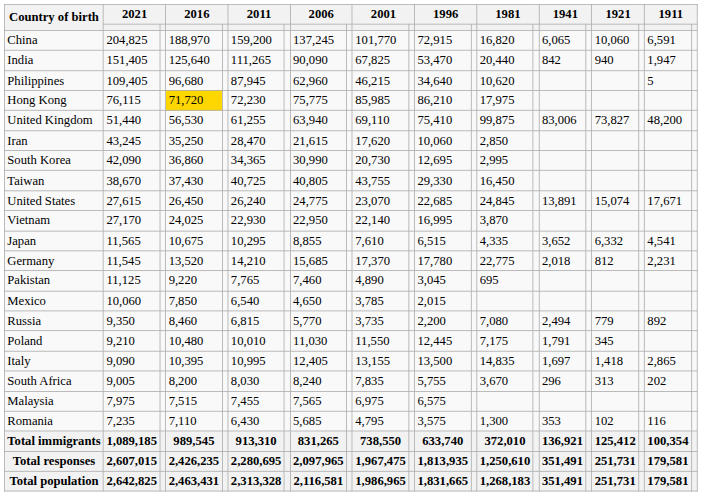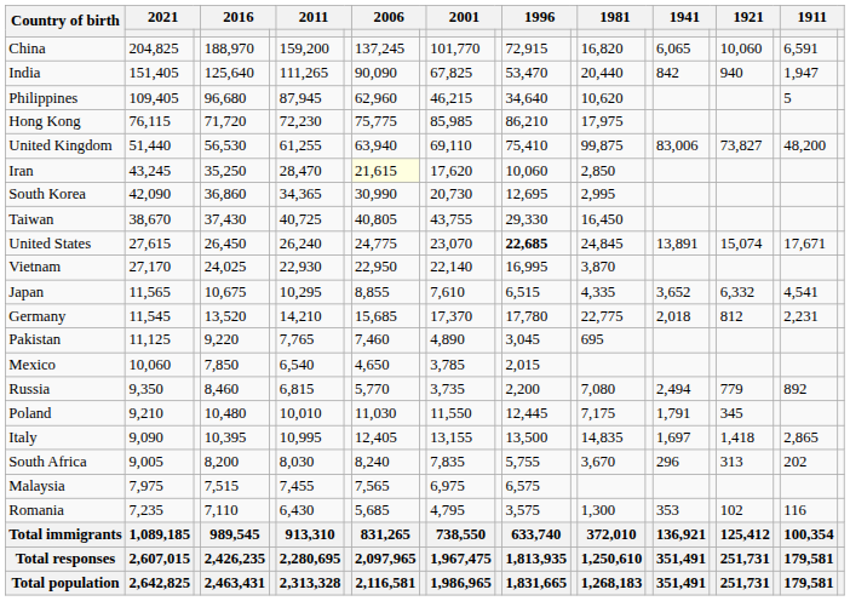 <table class="wikitable sortable">
 <tr>
 <th rowspan="2">Country of birth</th>
 <th colspan="2">2021</th>
 <th colspan="2">2016</th>
 <th colspan="2">2011</th>
 <th colspan="2">2006</th>
 <th colspan="2">2001</th>
 <th colspan="2">1996</th>
 <th colspan="2">1981</th>
 <th colspan="2">1941</th>
 <th colspan="2">1921</th>
 <th colspan="2">1911</th>
 </tr>
 <tr>
 <th><a href='#'></a></th>
 <th></th>
 <th></th>
 <th></th>
 <th></th>
 <th></th>
 <th></th>
 <th></th>
 <th></th>
 <th></th>
 <th></th>
 <th></th>
 <th></th>
 <th></th>
 <th></th>
 <th></th>
 <th></th>
 <th></th>
 <th></th>
 <th></th>
 </tr>
 <tr>
 <td>China</td>
 <td>204,825</td>
 <td></td>
 <td>188,970</td>
 <td></td>
 <td>159,200</td>
 <td></td>
 <td>137,245</td>
 <td></td>
 <td>101,770</td>
 <td></td>
 <td>72,915</td>
 <td></td>
 <td>16,820</td>
 <td></td>
 <td>6,065</td>
 <td></td>
 <td>10,060</td>
 <td></td>
 <td>6,591</td>
 <td></td>
 </tr>
 <tr>
 <td>India</td>
 <td>151,405</td>
 <td></td>
 <td>125,640</td>
 <td></td>
 <td>111,265</td>
 <td></td>
 <td>90,090</td>
 <td></td>
 <td>67,825</td>
 <td></td>
 <td>53,470</td>
 <td></td>
 <td>20,440</td>
 <td></td>
 <td>842</td>
 <td></td>
 <td>940</td>
 <td></td>
 <td>1,947</td>
 <td></td>
 </tr>
 <tr>
 <td>Philippines</td>
 <td>109,405</td>
 <td></td>
 <td>96,680</td>
 <td></td>
 <td>87,945</td>
 <td></td>
 <td>62,960</td>
 <td></td>
 <td>46,215</td>
 <td></td>
 <td>34,640</td>
 <td></td>
 <td>10,620</td>
 <td></td>
 <td></td>
 <td></td>
 <td></td>
 <td></td>
 <td>5</td>
 <td></td>
 </tr>
 <tr>
 <td>Hong Kong</td>
 <td>76,115</td>
 <td></td>
-<td style="background: gold;">71,720</td>
+<td>71,720</td>
 <td></td>
 <td>72,230</td>
 <td></td>
 <td>75,775</td>
 <td></td>
 <td>85,985</td>
 <td></td>
 <td>86,210</td>
 <td></td>
 <td>17,975</td>
 <td></td>
 <td></td>
 <td></td>
 <td></td>
 <td></td>
 <td></td>
 <td></td>
 </tr>
 <tr>
 <td>United Kingdom</td>
 <td>51,440</td>
 <td></td>
 <td>56,530</td>
 <td></td>
 <td>61,255</td>
 <td></td>
 <td>63,940</td>
 <td></td>
 <td>69,110</td>
 <td></td>
 <td>75,410</td>
 <td></td>
 <td>99,875</td>
 <td></td>
 <td>83,006</td>
 <td></td>
 <td>73,827</td>
 <td></td>
 <td>48,200</td>
 <td></td>
 </tr>
 <tr>
 <td>Iran</td>
 <td>43,245</td>
 <td></td>
 <td>35,250</td>
 <td></td>
 <td>28,470</td>
 <td></td>
-<td>21,615</td>
+<td style="background: lightyellow;">21,615</td>
 <td></td>
 <td>17,620</td>
 <td></td>
 <td>10,060</td>
 <td></td>
 <td>2,850</td>
 <td></td>
 <td></td>
 <td></td>
 <td></td>
 <td></td>
 <td></td>
 <td></td>
 </tr>
 <tr>
 <td>South Korea</td>
 <td>42,090</td>
 <td></td>
 <td>36,860</td>
 <td></td>
 <td>34,365</td>
 <td></td>
 <td>30,990</td>
 <td></td>
 <td>20,730</td>
 <td></td>
 <td>12,695</td>
 <td></td>
 <td>2,995</td>
 <td></td>
 <td></td>
 <td></td>
 <td></td>
 <td></td>
 <td></td>
 <td></td>
 </tr>
 <tr>
 <td>Taiwan</td>
 <td>38,670</td>
 <td></td>
 <td>37,430</td>
 <td></td>
 <td>40,725</td>
 <td></td>
 <td>40,805</td>
 <td></td>
 <td>43,755</td>
 <td></td>
 <td>29,330</td>
 <td></td>
 <td>16,450</td>
 <td></td>
 <td></td>
 <td></td>
 <td></td>
 <td></td>
 <td></td>
 <td></td>
 </tr>
 <tr>
 <td>United States</td>
 <td>27,615</td>
 <td></td>
 <td>26,450</td>
 <td></td>
 <td>26,240</td>
 <td></td>
 <td>24,775</td>
 <td></td>
 <td>23,070</td>
 <td></td>
-<td>22,685</td>
+<td><strong>22,685</strong></td>
 <td></td>
 <td>24,845</td>
 <td></td>
 <td>13,891</td>
 <td></td>
 <td>15,074</td>
 <td></td>
 <td>17,671</td>
 <td></td>
 </tr>
 <tr>
 <td>Vietnam</td>
 <td>27,170</td>
 <td></td>
 <td>24,025</td>
 <td></td>
 <td>22,930</td>
 <td></td>
 <td>22,950</td>
 <td></td>
 <td>22,140</td>
 <td></td>
 <td>16,995</td>
 <td></td>
 <td>3,870</td>
 <td></td>
 <td></td>
 <td></td>
 <td></td>
 <td></td>
 <td></td>
 <td></td>
 </tr>
 <tr>
 <td>Japan</td>
 <td>11,565</td>
 <td></td>
 <td>10,675</td>
 <td></td>
 <td>10,295</td>
 <td></td>
 <td>8,855</td>
 <td></td>
 <td>7,610</td>
 <td></td>
 <td>6,515</td>
 <td></td>
 <td>4,335</td>
 <td></td>
 <td>3,652</td>
 <td></td>
 <td>6,332</td>
 <td></td>
 <td>4,541</td>
 <td></td>
 </tr>
 <tr>
 <td>Germany</td>
 <td>11,545</td>
 <td></td>
 <td>13,520</td>
 <td></td>
 <td>14,210</td>
 <td></td>
 <td>15,685</td>
 <td></td>
 <td>17,370</td>
 <td></td>
 <td>17,780</td>
 <td></td>
 <td>22,775</td>
 <td></td>
 <td>2,018</td>
 <td></td>
 <td>812</td>
 <td></td>
 <td>2,231</td>
 <td></td>
 </tr>
 <tr>
 <td>Pakistan</td>
 <td>11,125</td>
 <td></td>
 <td>9,220</td>
 <td></td>
 <td>7,765</td>
 <td></td>
 <td>7,460</td>
 <td></td>
 <td>4,890</td>
 <td></td>
 <td>3,045</td>
 <td></td>
 <td>695</td>
 <td></td>
 <td></td>
 <td></td>
 <td></td>
 <td></td>
 <td></td>
 <td></td>
 </tr>
 <tr>
 <td>Mexico</td>
 <td>10,060</td>
 <td></td>
 <td>7,850</td>
 <td></td>
 <td>6,540</td>
 <td></td>
 <td>4,650</td>
 <td></td>
 <td>3,785</td>
 <td></td>
 <td>2,015</td>
 <td></td>
 <td></td>
 <td></td>
 <td></td>
 <td></td>
 <td></td>
 <td></td>
 <td></td>
 <td></td>
 </tr>
 <tr>
 <td>Russia</td>
 <td>9,350</td>
 <td></td>
 <td>8,460</td>
 <td></td>
 <td>6,815</td>
 <td></td>
 <td>5,770</td>
 <td></td>
 <td>3,735</td>
 <td></td>
 <td>2,200</td>
 <td></td>
 <td>7,080</td>
 <td></td>
 <td>2,494</td>
 <td></td>
 <td>779</td>
 <td></td>
 <td>892</td>
 <td></td>
 </tr>
 <tr>
 <td>Poland</td>
 <td>9,210</td>
 <td></td>
 <td>10,480</td>
 <td></td>
 <td>10,010</td>
 <td></td>
 <td>11,030</td>
 <td></td>
 <td>11,550</td>
 <td></td>
 <td>12,445</td>
 <td></td>
 <td>7,175</td>
 <td></td>
 <td>1,791</td>
 <td></td>
 <td>345</td>
 <td></td>
 <td></td>
 <td></td>
 </tr>
 <tr>
 <td>Italy</td>
 <td>9,090</td>
 <td></td>
 <td>10,395</td>
 <td></td>
 <td>10,995</td>
 <td></td>
 <td>12,405</td>
 <td></td>
 <td>13,155</td>
 <td></td>
 <td>13,500</td>
 <td></td>
 <td>14,835</td>
 <td></td>
 <td>1,697</td>
 <td></td>
 <td>1,418</td>
 <td></td>
 <td>2,865</td>
 <td></td>
 </tr>
 <tr>
 <td>South Africa</td>
 <td>9,005</td>
 <td></td>
 <td>8,200</td>
 <td></td>
 <td>8,030</td>
 <td></td>
 <td>8,240</td>
 <td></td>
 <td>7,835</td>
 <td></td>
 <td>5,755</td>
 <td></td>
 <td>3,670</td>
 <td></td>
 <td>296</td>
 <td></td>
 <td>313</td>
 <td></td>
 <td>202</td>
 <td></td>
 </tr>
 <tr>
 <td>Malaysia</td>
 <td>7,975</td>
 <td></td>
 <td>7,515</td>
 <td></td>
 <td>7,455</td>
 <td></td>
 <td>7,565</td>
 <td></td>
 <td>6,975</td>
 <td></td>
 <td>6,575</td>
 <td></td>
 <td></td>
 <td></td>
 <td></td>
 <td></td>
 <td></td>
 <td></td>
 <td></td>
 <td></td>
 </tr>
 <tr>
 <td>Romania</td>
 <td>7,235</td>
 <td></td>
 <td>7,110</td>
 <td></td>
 <td>6,430</td>
 <td></td>
 <td>5,685</td>
 <td></td>
 <td>4,795</td>
 <td></td>
 <td>3,575</td>
 <td></td>
 <td>1,300</td>
 <td></td>
 <td>353</td>
 <td></td>
 <td>102</td>
 <td></td>
 <td>116</td>
 <td></td>
 </tr>
 <tr>
 <th>Total immigrants</th>
 <th>1,089,185</th>
 <th></th>
 <th>989,545</th>
 <th></th>
 <th>913,310</th>
 <th></th>
 <th>831,265</th>
 <th></th>
 <th>738,550</th>
 <th></th>
 <th>633,740</th>
 <th></th>
 <th>372,010</th>
 <th></th>
 <th>136,921</th>
 <th></th>
 <th>125,412</th>
 <th></th>
 <th>100,354</th>
 <th></th>
 </tr>
 <tr class="sortbottom">
 <th>Total responses</th>
 <th>2,607,015</th>
 <th></th>
 <th>2,426,235</th>
 <th></th>
 <th>2,280,695</th>
 <th></th>
 <th>2,097,965</th>
 <th></th>
 <th>1,967,475</th>
 <th></th>
 <th>1,813,935</th>
 <th></th>
 <th>1,250,610</th>
 <th></th>
 <th>351,491</th>
 <th></th>
 <th>251,731</th>
 <th></th>
 <th>179,581</th>
 <th></th>
 </tr>
 <tr class="sortbottom">
 <th>Total population</th>
 <th>2,642,825</th>
 <th></th>
 <th>2,463,431</th>
 <th></th>
 <th>2,313,328</th>
 <th></th>
 <th>2,116,581</th>
 <th></th>
 <th>1,986,965</th>
 <th></th>
 <th>1,831,665</th>
 <th></th>
 <th>1,268,183</th>
 <th></th>
 <th>351,491</th>
 <th></th>
 <th>251,731</th>
 <th></th>
 <th>179,581</th>
 <th></th>
 </tr>
 </table>
